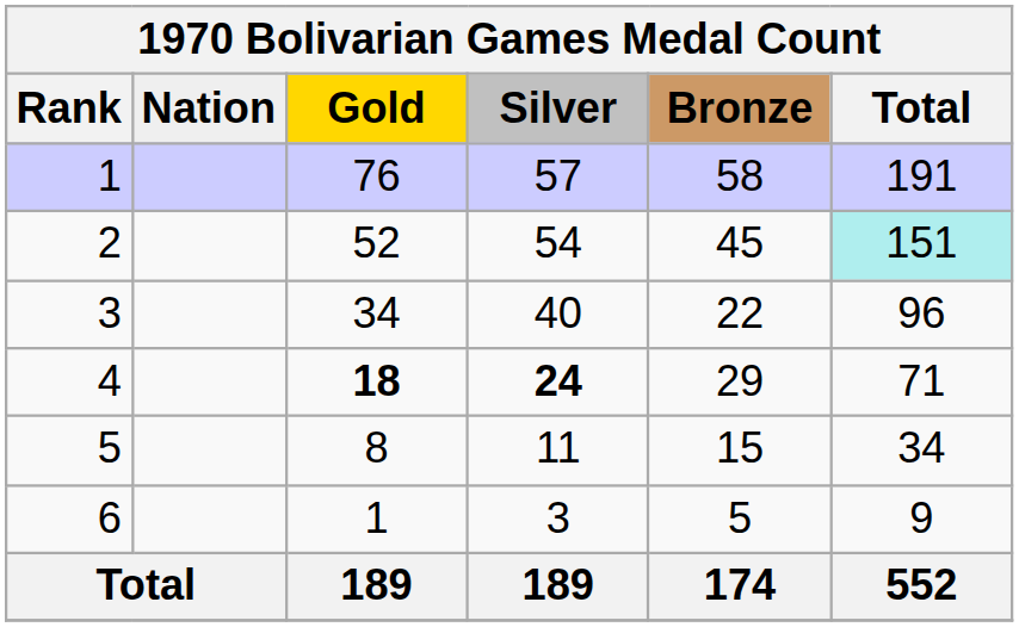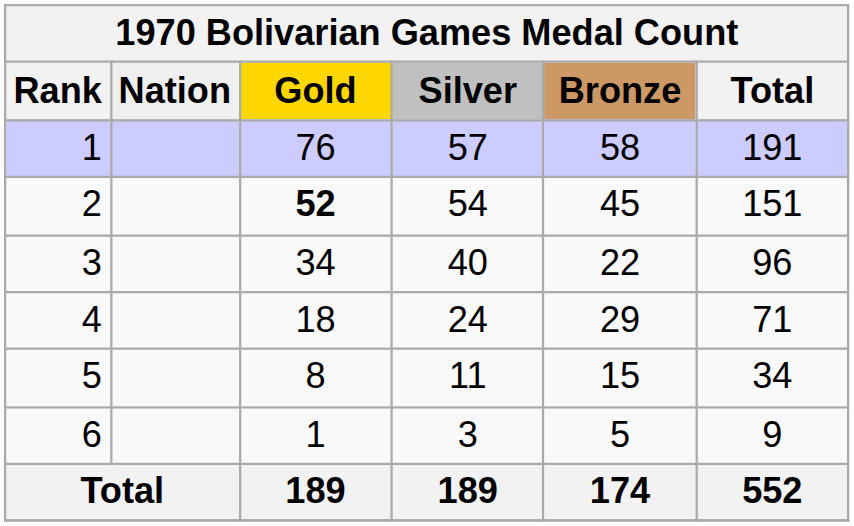 <table class="wikitable" border="2" style="text-align:center">
 <tr>
 <th colspan=6>1970 Bolivarian Games Medal Count</th>
 </tr>
 <tr bgcolor="#efefef">
 <th>Rank</th>
 <td align=left><strong>Nation</strong></td>
 <td bgcolor="gold" align=center width=60><strong>Gold</strong></td>
 <td bgcolor="silver" align=center width=60><strong>Silver</strong></td>
 <td bgcolor="CC9966" align=center width=60><strong>Bronze</strong></td>
 <th width=60>Total</th>
 </tr>
 <tr style="background:#ccccff">
 <td align=right>1</td>
 <td align=left></td>
 <td>76</td>
 <td>57</td>
 <td>58</td>
 <td>191</td>
 </tr>
 <tr>
 <td align=right>2</td>
 <td align=left></td>
-<td>52</td>
+<td><strong>52</strong></td>
 <td>54</td>
 <td>45</td>
-<td style="background: paleturquoise;">151</td>
+<td>151</td>
 </tr>
 <tr>
 <td align=right>3</td>
 <td align=left></td>
 <td>34</td>
 <td>40</td>
 <td>22</td>
 <td>96</td>
 </tr>
 <tr>
 <td align=right>4</td>
 <td align=left></td>
-<td><strong>18</strong></td>
-<td><strong>24</strong></td>
+<td>18</td>
+<td>24</td>
 <td>29</td>
 <td>71</td>
 </tr>
 <tr>
 <td align=right>5</td>
 <td align=left></td>
 <td>8</td>
 <td>11</td>
 <td>15</td>
 <td>34</td>
 </tr>
 <tr>
 <td align=right>6</td>
 <td align=left></td>
 <td>1</td>
 <td>3</td>
 <td>5</td>
 <td>9</td>
 </tr>
 <tr>
 <th colspan="2">Total</th>
 <th>189</th>
 <th>189</th>
 <th>174</th>
 <th>552</th>
 </tr>
 <tr>
 </tr>
 </table>
